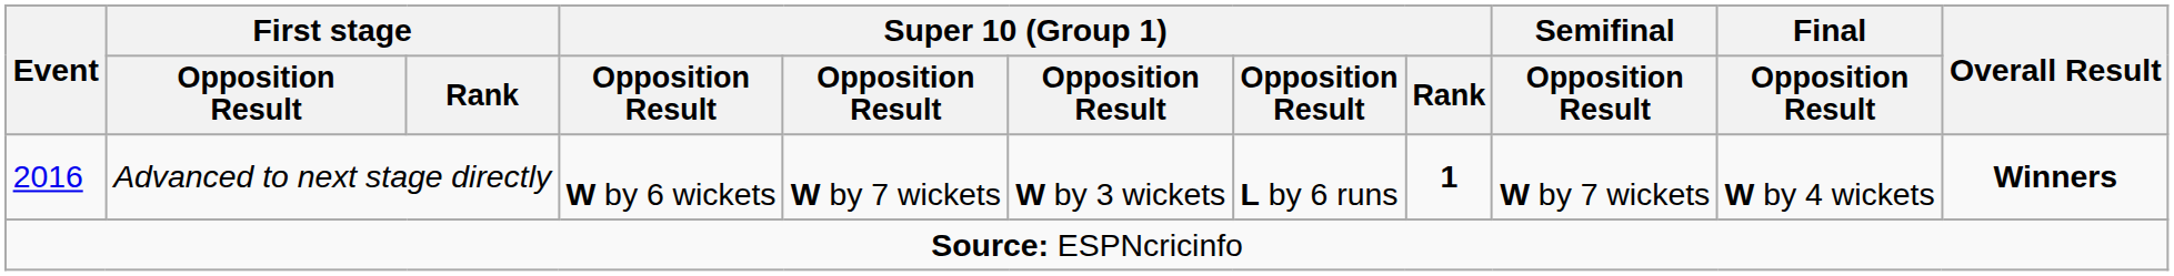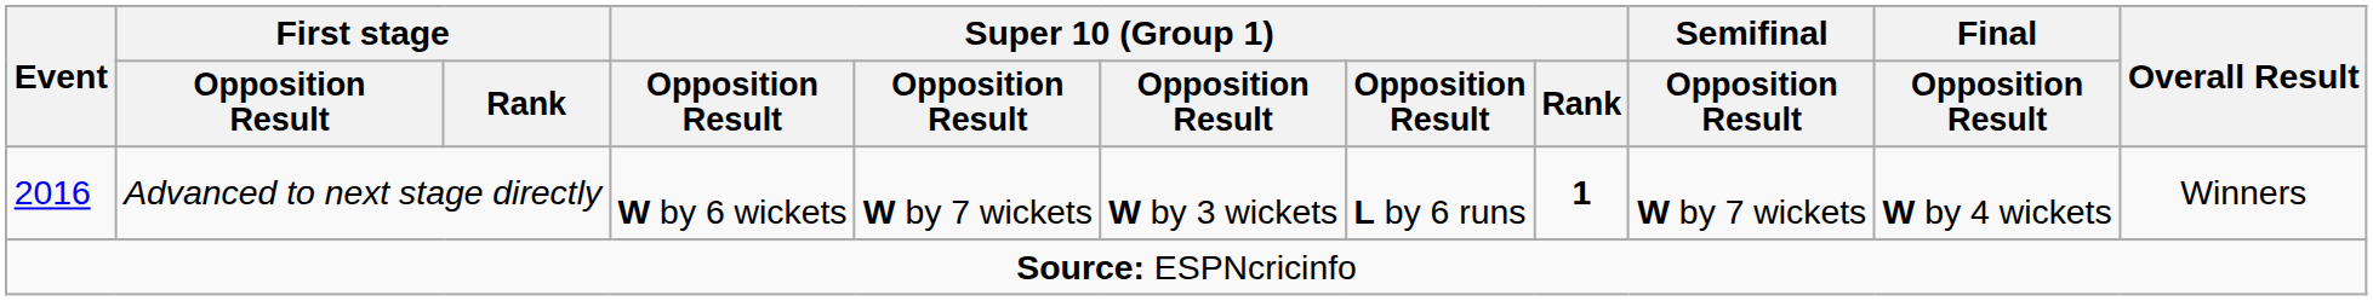 <table class=wikitable style=font-size:90%;text-align:center>
 <tr>
 <th rowspan=2>Event</th>
 <th colspan=2>First stage</th>
 <th colspan=5>Super 10 (Group 1)</th>
 <th>Semifinal</th>
 <th>Final</th>
 <th rowspan=2>Overall Result</th>
 </tr>
 <tr style=font-size:95%>
 <th>Opposition<br>Result</th>
 <th>Rank</th>
 <th>Opposition<br>Result</th>
 <th>Opposition<br>Result</th>
 <th>Opposition<br>Result</th>
 <th>Opposition<br>Result</th>
 <th>Rank</th>
 <th>Opposition<br>Result</th>
 <th>Opposition<br>Result</th>
 </tr>
 <tr>
 <td align=left><a href='#'>2016</a></td>
 <td colspan="2"><em>Advanced to next stage directly</em></td>
 <td><br><strong>W</strong> by 6 wickets</td>
 <td><br><strong>W</strong> by 7 wickets</td>
 <td><br><strong>W</strong> by 3 wickets</td>
 <td><br><strong>L</strong> by 6 runs</td>
 <td><strong>1</strong></td>
 <td><br><strong>W</strong> by 7 wickets</td>
 <td><br><strong>W</strong> by 4 wickets</td>
-<td><strong>Winners</strong></td>
+<td>Winners</td>
 </tr>
 <tr>
 <td colspan="11"><strong>Source:</strong> ESPNcricinfo</td>
 </tr>
 </table>
